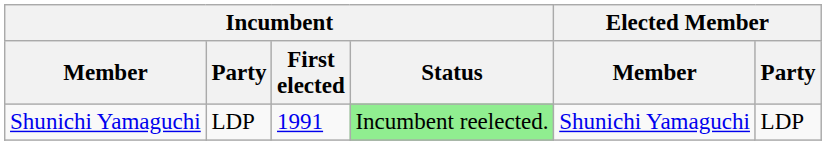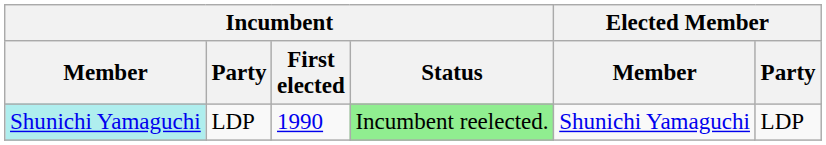 <table class="wikitable sortable">
 <tr>
 <th colspan=4>Incumbent</th>
 <th colspan=2>Elected Member</th>
 </tr>
 <tr>
 <th>Member</th>
 <th>Party</th>
 <th>First<br>elected</th>
 <th>Status</th>
 <th>Member</th>
 <th>Party</th>
 </tr>
 <tr>
-<td><a href='#'>Shunichi Yamaguchi</a></td>
+<td style="background: paleturquoise;"><a href='#'>Shunichi Yamaguchi</a></td>
 <td>LDP</td>
-<td><a href='#'>1991</a></td>
+<td><a href='#'>1990</a></td>
 <td style="background: lightgreen;">Incumbent reelected.</td>
 <td><a href='#'>Shunichi Yamaguchi</a></td>
 <td>LDP</td>
 </tr>
 </table>
